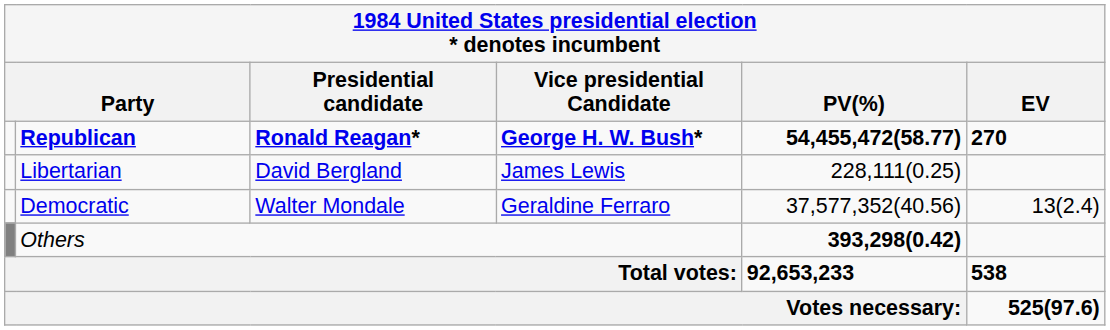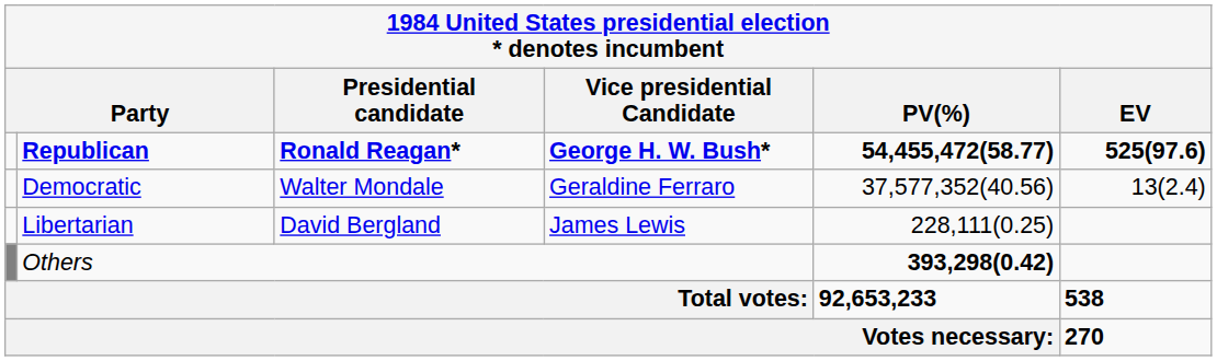 <table class="wikitable">
 <tr>
 <th colspan=6 style="background:#f5f5f5"><a href='#'>1984 United States presidential election</a><br>* denotes incumbent</th>
 </tr>
 <tr style="vertical-align:bottom;">
 <th style="width: 11em;" colspan=2>Party</th>
 <th>Presidential<br>candidate</th>
 <th>Vice presidential<br>Candidate</th>
 <th><abbr>PV</abbr>(%)</th>
 <th><abbr>EV</abbr></th>
 </tr>
 <tr>
 <td style="background-color: "></td>
 <td style="width: 10.5em;"><strong><a href='#'>Republican</a></strong></td>
 <td style="width: 11em;"><strong><a href='#'>Ronald Reagan</a>*</strong></td>
 <td style="width: 11em;"><strong><a href='#'>George H. W. Bush</a>*</strong></td>
 <td style="width: 10em; text-align:right"><strong>54,455,472(58.77)</strong></td>
-<td><strong>270</strong></td>
+<td style="width: 6em; text-align:right"><strong>525(97.6)</strong></td>
+</tr>
+<tr>
+<td style="background-color: "></td>
+<td><a href='#'>Democratic</a></td>
+<td><a href='#'>Walter Mondale</a></td>
+<td><a href='#'>Geraldine Ferraro</a></td>
+<td style="text-align:right">37,577,352(40.56)</td>
+<td style="text-align:right">13(2.4)</td>
 </tr>
 <tr>
 <td style="background-color: "></td>
 <td><a href='#'>Libertarian</a></td>
 <td><a href='#'>David Bergland</a></td>
 <td><a href='#'>James Lewis</a></td>
 <td style="text-align:right">228,111(0.25)</td>
 <td style="text-align:right"></td>
-</tr>
-<tr>
-<td style="background-color: "></td>
-<td><a href='#'>Democratic</a></td>
-<td><a href='#'>Walter Mondale</a></td>
-<td><a href='#'>Geraldine Ferraro</a></td>
-<td style="text-align:right">37,577,352(40.56)</td>
-<td style="text-align:right">13(2.4)</td>
 </tr>
 <tr>
 <td style="background-color: gray"></td>
 <td colspan=3><em>Others</em></td>
 <td style="text-align:right"><strong>393,298(0.42)</strong></td>
 <td style="text-align:right"></td>
 </tr>
 <tr>
 <th colspan=4 style="text-align:right">Total votes:</th>
 <td><strong>92,653,233</strong></td>
 <td><strong>538</strong></td>
 </tr>
 <tr>
 <th colspan=5 style="text-align:right">Votes necessary:</th>
-<td style="width: 6em; text-align:right"><strong>525(97.6)</strong></td>
+<td><strong>270</strong></td>
 </tr>
 </table>
